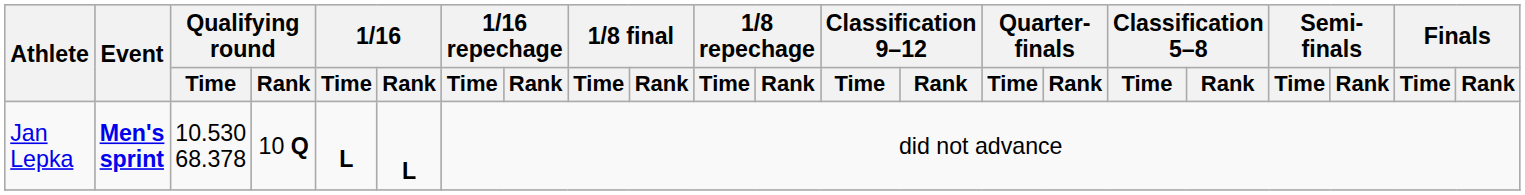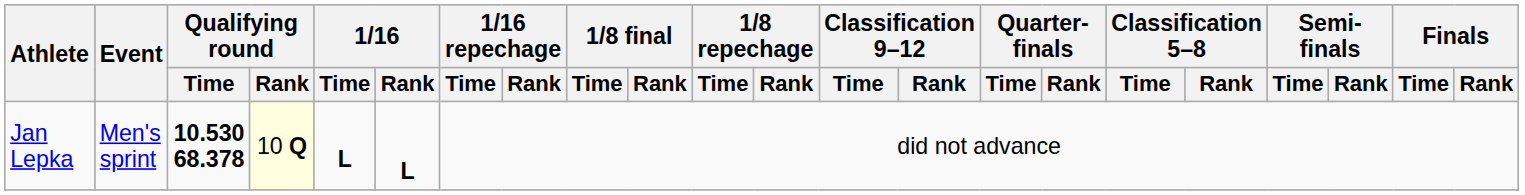 <table class=wikitable style="font-size:90%">
 <tr>
 <th rowspan="2">Athlete</th>
 <th rowspan="2">Event</th>
 <th colspan=2>Qualifying round</th>
 <th colspan=2>1/16</th>
 <th colspan=2>1/16 repechage</th>
 <th colspan=2>1/8 final</th>
 <th colspan=2>1/8 repechage</th>
 <th colspan=2>Classification 9–12</th>
 <th colspan=2>Quarter-finals</th>
 <th colspan=2>Classification 5–8</th>
 <th colspan=2>Semi-finals</th>
 <th colspan=2>Finals</th>
 </tr>
 <tr style="font-size:95%">
 <th>Time</th>
 <th>Rank</th>
 <th>Time</th>
 <th>Rank</th>
 <th>Time</th>
 <th>Rank</th>
 <th>Time</th>
 <th>Rank</th>
 <th>Time</th>
 <th>Rank</th>
 <th>Time</th>
 <th>Rank</th>
 <th>Time</th>
 <th>Rank</th>
 <th>Time</th>
 <th>Rank</th>
 <th>Time</th>
 <th>Rank</th>
 <th>Time</th>
 <th>Rank</th>
 </tr>
 <tr align=center>
 <td align=left><a href='#'>Jan Lepka</a></td>
-<td align=left><strong><a href='#'>Men's sprint</a></strong></td>
-<td>10.530<br>68.378</td>
-<td>10 <strong>Q</strong></td>
+<td align=left><a href='#'>Men's sprint</a></td>
+<td><strong>10.530<br>68.378</strong></td>
+<td style="background: lightyellow;">10 <strong>Q</strong></td>
 <td><br><strong>L</strong></td>
 <td><br><br><strong>L</strong></td>
 <td colspan=16>did not advance</td>
 </tr>
 </table>
